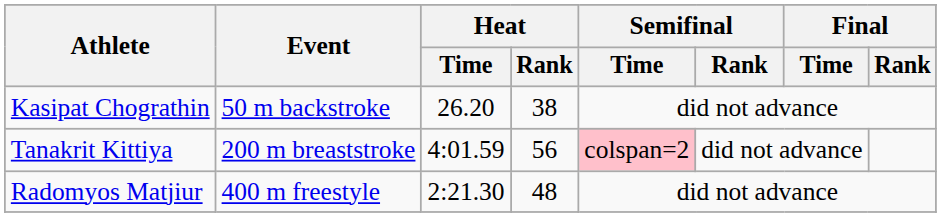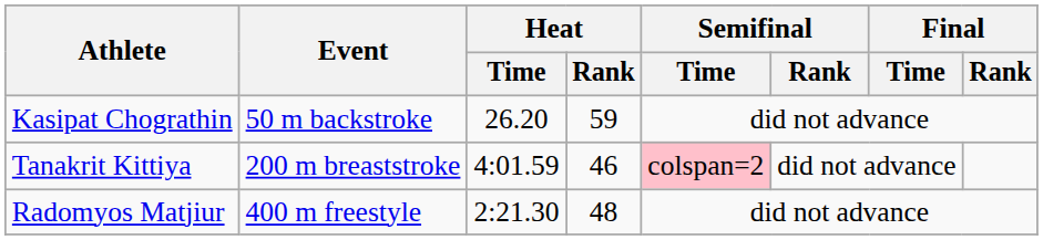 <table class=wikitable style="font-size:90%">
 <tr>
 <th rowspan="2">Athlete</th>
 <th rowspan="2">Event</th>
 <th colspan="2">Heat</th>
 <th colspan="2">Semifinal</th>
 <th colspan="2">Final</th>
 </tr>
 <tr style="font-size:95%">
 <th>Time</th>
 <th>Rank</th>
 <th>Time</th>
 <th>Rank</th>
 <th>Time</th>
 <th>Rank</th>
 </tr>
 <tr align=center>
 <td align=left><a href='#'>Kasipat Chograthin</a></td>
 <td align=left><a href='#'>50 m backstroke</a></td>
 <td>26.20</td>
-<td>38</td>
+<td>59</td>
 <td colspan=4>did not advance</td>
 </tr>
 <tr align=center>
 <td align=left><a href='#'>Tanakrit Kittiya</a></td>
 <td align=left><a href='#'>200 m breaststroke</a></td>
 <td>4:01.59</td>
-<td>56</td>
+<td>46</td>
 <td style="background: pink;">colspan=2 </td>
 <td colspan=2>did not advance</td>
 </tr>
 <tr align=center>
 <td align=left><a href='#'>Radomyos Matjiur</a></td>
 <td align=left><a href='#'>400 m freestyle</a></td>
 <td>2:21.30</td>
 <td>48</td>
 <td colspan=4>did not advance</td>
 </tr>
 </table>
